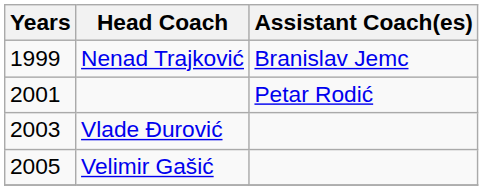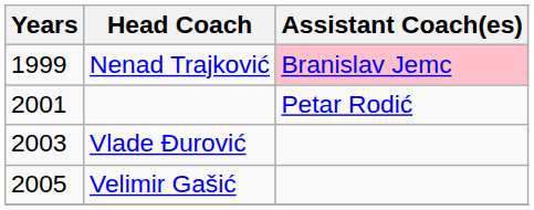 <table class="wikitable">
 <tr>
 <th>Years</th>
 <th>Head Coach</th>
 <th>Assistant Coach(es)</th>
 </tr>
 <tr>
 <td>1999</td>
 <td><a href='#'>Nenad Trajković</a></td>
-<td><a href='#'>Branislav Jemc</a></td>
+<td style="background: pink;"><a href='#'>Branislav Jemc</a></td>
 </tr>
 <tr>
 <td>2001</td>
 <td></td>
 <td><a href='#'>Petar Rodić</a></td>
 </tr>
 <tr>
 <td>2003</td>
 <td><a href='#'>Vlade Đurović</a></td>
 <td></td>
 </tr>
 <tr>
 <td>2005</td>
 <td><a href='#'>Velimir Gašić</a></td>
 <td></td>
 </tr>
 <tr>
 </tr>
 </table>
